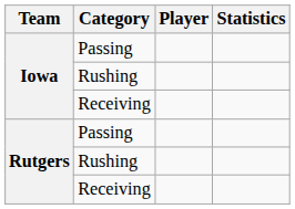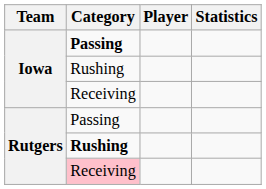 <table class="wikitable" style="float:right">
 <tr>
 <th>Team</th>
 <th>Category</th>
 <th>Player</th>
 <th>Statistics</th>
 </tr>
 <tr>
 <th rowspan=3>Iowa</th>
-<td>Passing</td>
+<td><strong>Passing</strong></td>
 <td></td>
 <td></td>
 </tr>
 <tr>
 <td>Rushing</td>
 <td></td>
 <td></td>
 </tr>
 <tr>
 <td>Receiving</td>
 <td></td>
 <td></td>
 </tr>
 <tr>
 <th rowspan=3>Rutgers</th>
 <td>Passing</td>
 <td></td>
 <td></td>
 </tr>
 <tr>
-<td>Rushing</td>
+<td><strong>Rushing</strong></td>
 <td></td>
 <td></td>
 </tr>
 <tr>
-<td>Receiving</td>
+<td style="background: pink;">Receiving</td>
 <td></td>
 <td></td>
 </tr>
 </table>
